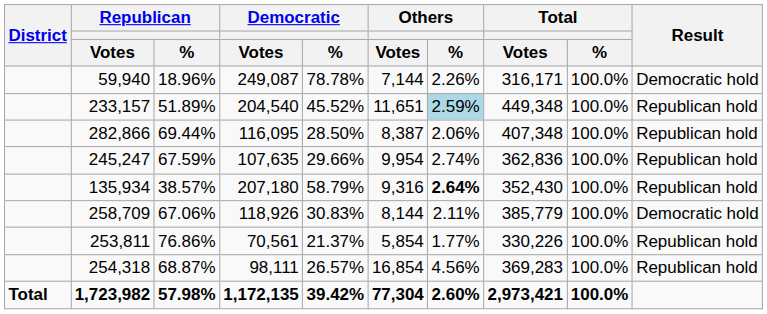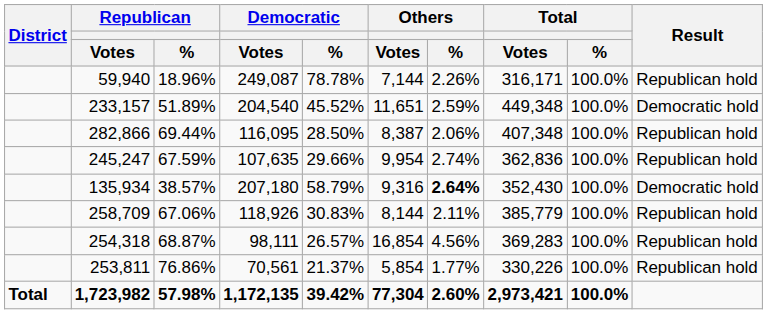 <table class="wikitable plainrowheaders sortable" style="font-size:100%; text-align:right;">
 <tr>
 <th scope=col rowspan=3><a href='#'>District</a></th>
 <th scope=col colspan=2><a href='#'>Republican</a></th>
 <th scope=col colspan=2><a href='#'>Democratic</a></th>
 <th scope=col colspan=2>Others</th>
 <th scope=col colspan=2>Total</th>
 <th scope=col rowspan=3>Result</th>
 </tr>
 <tr>
 <th scope=col colspan=2 style="background:"></th>
 <th scope=col colspan=2 style="background:"></th>
 <th scope=col colspan=2></th>
 <th scope=col colspan=2></th>
 </tr>
 <tr>
 <th scope=col data-sort-type="number">Votes</th>
 <th scope=col data-sort-type="number">%</th>
 <th scope=col data-sort-type="number">Votes</th>
 <th scope=col data-sort-type="number">%</th>
 <th scope=col data-sort-type="number">Votes</th>
 <th scope=col data-sort-type="number">%</th>
 <th scope=col data-sort-type="number">Votes</th>
 <th scope=col data-sort-type="number">%</th>
 </tr>
 <tr>
 <td align=left></td>
 <td>59,940</td>
 <td>18.96%</td>
 <td>249,087</td>
 <td>78.78%</td>
 <td>7,144</td>
 <td>2.26%</td>
 <td>316,171</td>
 <td>100.0%</td>
-<td align=left>Democratic hold</td>
+<td align=left>Republican hold</td>
 </tr>
 <tr>
 <td align=left></td>
 <td>233,157</td>
 <td>51.89%</td>
 <td>204,540</td>
 <td>45.52%</td>
 <td>11,651</td>
-<td style="background: lightblue;">2.59%</td>
+<td>2.59%</td>
 <td>449,348</td>
 <td>100.0%</td>
-<td align=left>Republican hold</td>
+<td align=left>Democratic hold</td>
 </tr>
 <tr>
 <td align=left></td>
 <td>282,866</td>
 <td>69.44%</td>
 <td>116,095</td>
 <td>28.50%</td>
 <td>8,387</td>
 <td>2.06%</td>
 <td>407,348</td>
 <td>100.0%</td>
 <td align=left>Republican hold</td>
 </tr>
 <tr>
 <td align=left></td>
 <td>245,247</td>
 <td>67.59%</td>
 <td>107,635</td>
 <td>29.66%</td>
 <td>9,954</td>
 <td>2.74%</td>
 <td>362,836</td>
 <td>100.0%</td>
 <td align=left>Republican hold</td>
 </tr>
 <tr>
 <td align=left></td>
 <td>135,934</td>
 <td>38.57%</td>
 <td>207,180</td>
 <td>58.79%</td>
 <td>9,316</td>
 <td><strong>2.64%</strong></td>
 <td>352,430</td>
 <td>100.0%</td>
-<td align=left>Republican hold</td>
+<td align=left>Democratic hold</td>
 </tr>
 <tr>
 <td align=left></td>
 <td>258,709</td>
 <td>67.06%</td>
 <td>118,926</td>
 <td>30.83%</td>
 <td>8,144</td>
 <td>2.11%</td>
 <td>385,779</td>
-<td>100.0%</td>
-<td align=left>Democratic hold</td>
-</tr>
-<tr>
-<td align=left></td>
-<td>253,811</td>
-<td>76.86%</td>
-<td>70,561</td>
-<td>21.37%</td>
-<td>5,854</td>
-<td>1.77%</td>
-<td>330,226</td>
 <td>100.0%</td>
 <td align=left>Republican hold</td>
 </tr>
 <tr>
 <td align=left></td>
 <td>254,318</td>
 <td>68.87%</td>
 <td>98,111</td>
 <td>26.57%</td>
 <td>16,854</td>
 <td>4.56%</td>
 <td>369,283</td>
+<td>100.0%</td>
+<td align=left>Republican hold</td>
+</tr>
+<tr>
+<td align=left></td>
+<td>253,811</td>
+<td>76.86%</td>
+<td>70,561</td>
+<td>21.37%</td>
+<td>5,854</td>
+<td>1.77%</td>
+<td>330,226</td>
 <td>100.0%</td>
 <td align=left>Republican hold</td>
 </tr>
 <tr class="sortbottom" style="font-weight:bold">
 <td align=left>Total</td>
 <td>1,723,982</td>
 <td>57.98%</td>
 <td>1,172,135</td>
 <td>39.42%</td>
 <td>77,304</td>
 <td>2.60%</td>
 <td>2,973,421</td>
 <td>100.0%</td>
 <td></td>
 </tr>
 </table>
